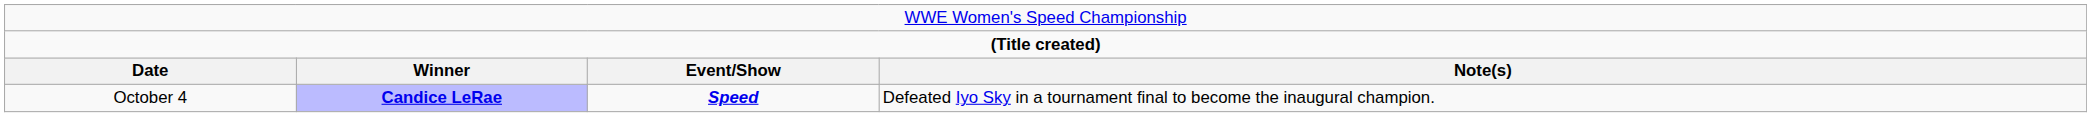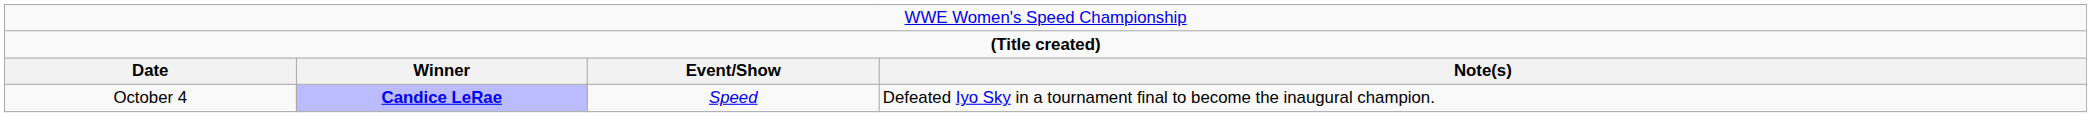 <table class="wikitable" style="text-align:center; width:100%;">
 <tr>
 <td colspan="4" style="text-align: center;"><a href='#'>WWE Women's Speed Championship</a></td>
 </tr>
 <tr>
 <td colspan="4" style="text-align: center;"><strong>(Title created)</strong></td>
 </tr>
 <tr>
 <th width=14%>Date</th>
 <th width=14%>Winner</th>
 <th width=14%>Event/Show</th>
 <th width=58%>Note(s)</th>
 </tr>
 <tr>
 <td>October 4<br></td>
 <td style="background:#BBF;"><strong><a href='#'>Candice LeRae</a></strong></td>
-<td><strong><em><a href='#'>Speed</a></em></strong></td>
+<td><em><a href='#'>Speed</a></em></td>
 <td align=left>Defeated <a href='#'>Iyo Sky</a> in a tournament final to become the inaugural champion.</td>
 </tr>
 </table>
